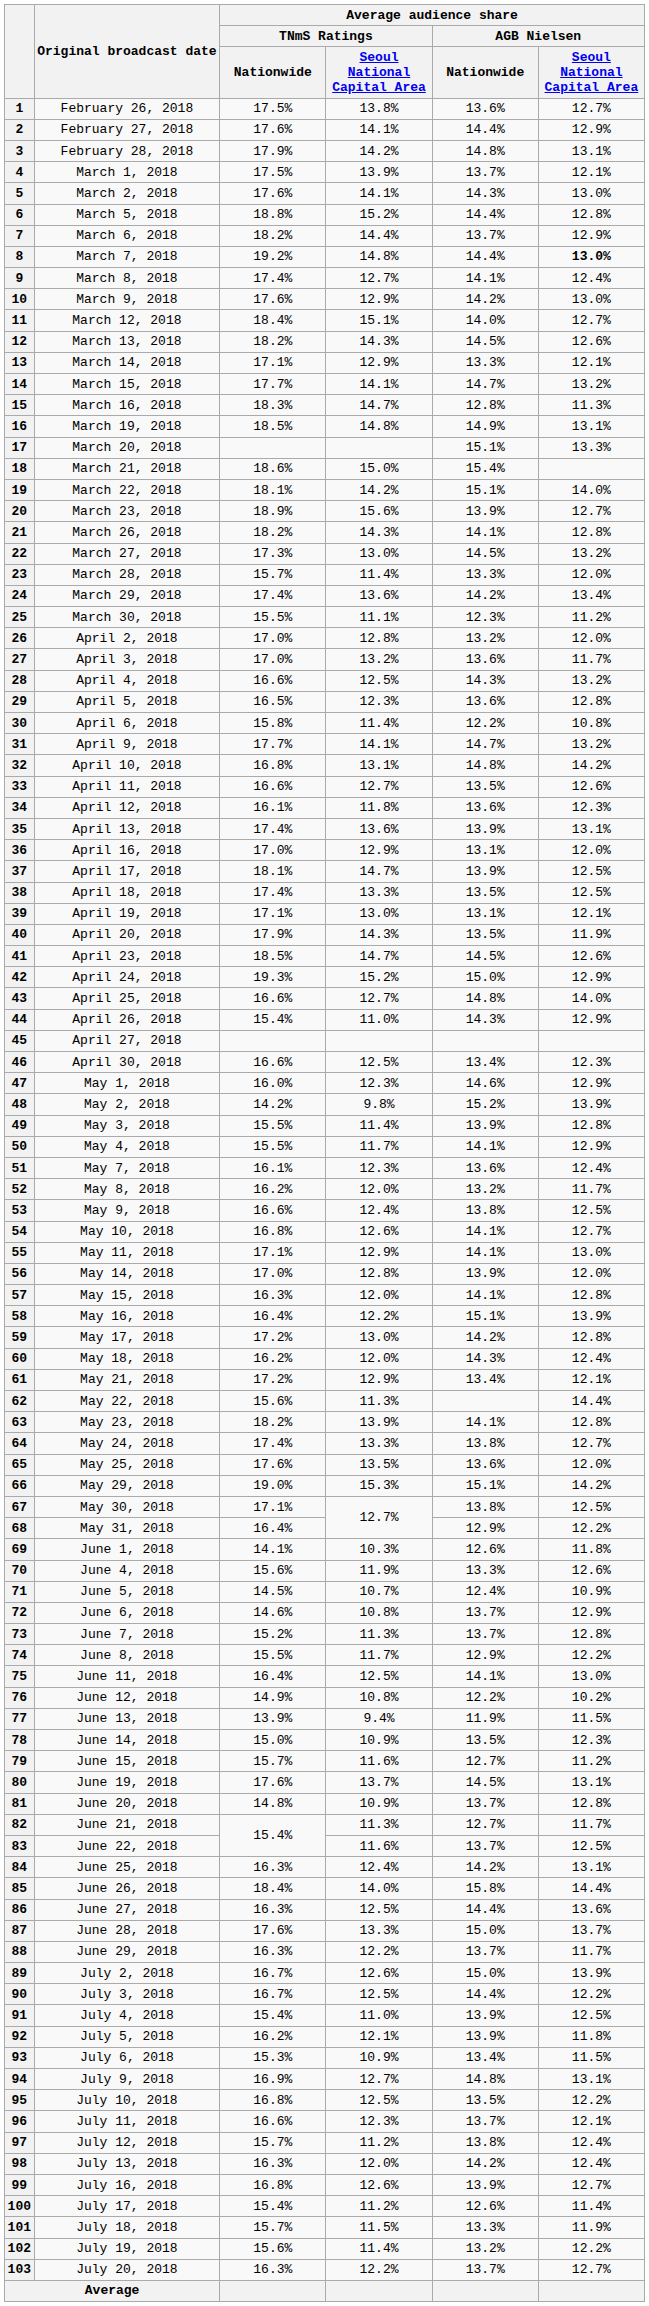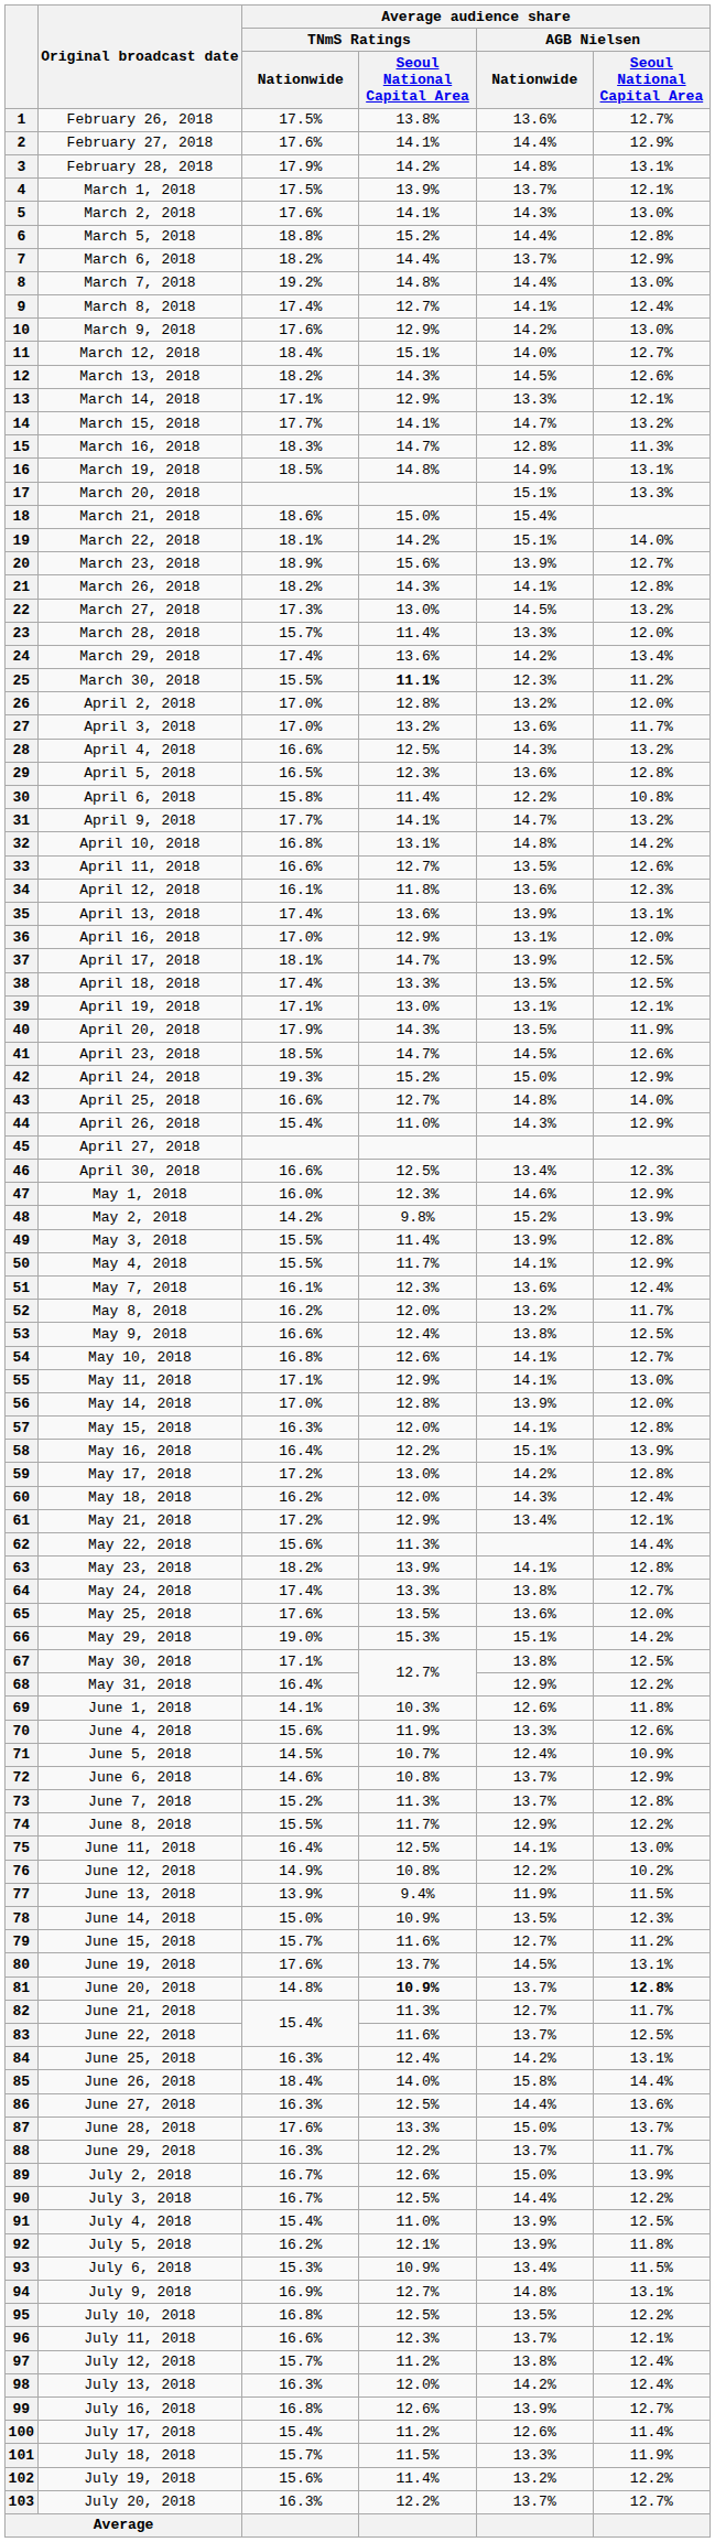 <table class="wikitable" style="text-align:center">
 <tr>
 <th rowspan="3"></th>
 <th rowspan="3">Original broadcast date</th>
 <th colspan="4">Average audience share</th>
 </tr>
 <tr>
 <th colspan="2">TNmS Ratings</th>
 <th colspan="2">AGB Nielsen</th>
 </tr>
 <tr>
 <th width=100>Nationwide</th>
 <th width=100><a href='#'>Seoul National Capital Area</a></th>
 <th width=100>Nationwide</th>
 <th width=100><a href='#'>Seoul National Capital Area</a></th>
 </tr>
 <tr>
 <th>1</th>
 <td>February 26, 2018</td>
 <td>17.5% </td>
 <td>13.8%</td>
 <td>13.6% </td>
 <td>12.7% </td>
 </tr>
 <tr>
 <th>2</th>
 <td>February 27, 2018</td>
 <td>17.6% </td>
 <td>14.1%</td>
 <td>14.4% </td>
 <td>12.9% </td>
 </tr>
 <tr>
 <th>3</th>
 <td>February 28, 2018</td>
 <td>17.9% </td>
 <td>14.2%</td>
 <td>14.8% </td>
 <td>13.1% </td>
 </tr>
 <tr>
 <th>4</th>
 <td>March 1, 2018</td>
 <td>17.5% </td>
 <td>13.9%</td>
 <td>13.7% </td>
 <td>12.1% </td>
 </tr>
 <tr>
 <th>5</th>
 <td>March 2, 2018</td>
 <td>17.6% </td>
 <td>14.1%</td>
 <td>14.3% </td>
 <td>13.0% </td>
 </tr>
 <tr>
 <th>6</th>
 <td>March 5, 2018</td>
 <td>18.8% </td>
 <td>15.2%</td>
 <td>14.4% </td>
 <td>12.8% </td>
 </tr>
 <tr>
 <th>7</th>
 <td>March 6, 2018</td>
 <td>18.2% </td>
 <td>14.4%</td>
 <td>13.7% </td>
 <td>12.9% </td>
 </tr>
 <tr>
 <th>8</th>
 <td>March 7, 2018</td>
 <td>19.2% </td>
 <td>14.8%</td>
 <td>14.4% </td>
-<td><strong>13.0% </strong></td>
+<td>13.0% </td>
 </tr>
 <tr>
 <th>9</th>
 <td>March 8, 2018</td>
 <td>17.4% </td>
 <td>12.7%</td>
 <td>14.1% </td>
 <td>12.4% </td>
 </tr>
 <tr>
 <th>10</th>
 <td>March 9, 2018</td>
 <td>17.6% </td>
 <td>12.9%</td>
 <td>14.2% </td>
 <td>13.0% </td>
 </tr>
 <tr>
 <th>11</th>
 <td>March 12, 2018</td>
 <td>18.4% </td>
 <td>15.1%</td>
 <td>14.0% </td>
 <td>12.7% </td>
 </tr>
 <tr>
 <th>12</th>
 <td>March 13, 2018</td>
 <td>18.2% </td>
 <td>14.3%</td>
 <td>14.5% </td>
 <td>12.6% </td>
 </tr>
 <tr>
 <th>13</th>
 <td>March 14, 2018</td>
 <td>17.1% </td>
 <td>12.9%</td>
 <td>13.3% </td>
 <td>12.1% </td>
 </tr>
 <tr>
 <th>14</th>
 <td>March 15, 2018</td>
 <td>17.7% </td>
 <td>14.1%</td>
 <td>14.7% </td>
 <td>13.2% </td>
 </tr>
 <tr>
 <th>15</th>
 <td>March 16, 2018</td>
 <td>18.3% </td>
 <td>14.7%</td>
 <td>12.8% </td>
 <td>11.3% </td>
 </tr>
 <tr>
 <th>16</th>
 <td>March 19, 2018</td>
 <td>18.5% </td>
 <td>14.8%</td>
 <td>14.9% </td>
 <td>13.1% </td>
 </tr>
 <tr>
 <th>17</th>
 <td>March 20, 2018</td>
 <td> </td>
 <td></td>
 <td>15.1% </td>
 <td>13.3% </td>
 </tr>
 <tr>
 <th>18</th>
 <td>March 21, 2018</td>
 <td>18.6% </td>
 <td>15.0%</td>
 <td>15.4% </td>
 <td> </td>
 </tr>
 <tr>
 <th>19</th>
 <td>March 22, 2018</td>
 <td>18.1% </td>
 <td>14.2%</td>
 <td>15.1% </td>
 <td>14.0% </td>
 </tr>
 <tr>
 <th>20</th>
 <td>March 23, 2018</td>
 <td>18.9% </td>
 <td>15.6%</td>
 <td>13.9% </td>
 <td>12.7% </td>
 </tr>
 <tr>
 <th>21</th>
 <td>March 26, 2018</td>
 <td>18.2% </td>
 <td>14.3%</td>
 <td>14.1% </td>
 <td>12.8% </td>
 </tr>
 <tr>
 <th>22</th>
 <td>March 27, 2018</td>
 <td>17.3% </td>
 <td>13.0%</td>
 <td>14.5% </td>
 <td>13.2% </td>
 </tr>
 <tr>
 <th>23</th>
 <td>March 28, 2018</td>
 <td>15.7% </td>
 <td>11.4%</td>
 <td>13.3% </td>
 <td>12.0% </td>
 </tr>
 <tr>
 <th>24</th>
 <td>March 29, 2018</td>
 <td>17.4% </td>
 <td>13.6%</td>
 <td>14.2% </td>
 <td>13.4% </td>
 </tr>
 <tr>
 <th>25</th>
 <td>March 30, 2018</td>
 <td>15.5% </td>
-<td>11.1%</td>
+<td><strong>11.1%</strong></td>
 <td>12.3% </td>
 <td>11.2% </td>
 </tr>
 <tr>
 <th>26</th>
 <td>April 2, 2018</td>
 <td>17.0% </td>
 <td>12.8%</td>
 <td>13.2% </td>
 <td>12.0% </td>
 </tr>
 <tr>
 <th>27</th>
 <td>April 3, 2018</td>
 <td>17.0% </td>
 <td>13.2%</td>
 <td>13.6% </td>
 <td>11.7% </td>
 </tr>
 <tr>
 <th>28</th>
 <td>April 4, 2018</td>
 <td>16.6% </td>
 <td>12.5%</td>
 <td>14.3% </td>
 <td>13.2% </td>
 </tr>
 <tr>
 <th>29</th>
 <td>April 5, 2018</td>
 <td>16.5% </td>
 <td>12.3%</td>
 <td>13.6% </td>
 <td>12.8% </td>
 </tr>
 <tr>
 <th>30</th>
 <td>April 6, 2018</td>
 <td>15.8% </td>
 <td>11.4%</td>
 <td>12.2% </td>
 <td>10.8% </td>
 </tr>
 <tr>
 <th>31</th>
 <td>April 9, 2018</td>
 <td>17.7% </td>
 <td>14.1%</td>
 <td>14.7% </td>
 <td>13.2% </td>
 </tr>
 <tr>
 <th>32</th>
 <td>April 10, 2018</td>
 <td>16.8% </td>
 <td>13.1%</td>
 <td>14.8% </td>
 <td>14.2% </td>
 </tr>
 <tr>
 <th>33</th>
 <td>April 11, 2018</td>
 <td>16.6% </td>
 <td>12.7%</td>
 <td>13.5% </td>
 <td>12.6% </td>
 </tr>
 <tr>
 <th>34</th>
 <td>April 12, 2018</td>
 <td>16.1% </td>
 <td>11.8%</td>
 <td>13.6% </td>
 <td>12.3% </td>
 </tr>
 <tr>
 <th>35</th>
 <td>April 13, 2018</td>
 <td>17.4% </td>
 <td>13.6%</td>
 <td>13.9% </td>
 <td>13.1% </td>
 </tr>
 <tr>
 <th>36</th>
 <td>April 16, 2018</td>
 <td>17.0% </td>
 <td>12.9%</td>
 <td>13.1% </td>
 <td>12.0% </td>
 </tr>
 <tr>
 <th>37</th>
 <td>April 17, 2018</td>
 <td>18.1% </td>
 <td>14.7%</td>
 <td>13.9% </td>
 <td>12.5% </td>
 </tr>
 <tr>
 <th>38</th>
 <td>April 18, 2018</td>
 <td>17.4% </td>
 <td>13.3%</td>
 <td>13.5% </td>
 <td>12.5% </td>
 </tr>
 <tr>
 <th>39</th>
 <td>April 19, 2018</td>
 <td>17.1% </td>
 <td>13.0%</td>
 <td>13.1% </td>
 <td>12.1% </td>
 </tr>
 <tr>
 <th>40</th>
 <td>April 20, 2018</td>
 <td>17.9% </td>
 <td>14.3%</td>
 <td>13.5% </td>
 <td>11.9% </td>
 </tr>
 <tr>
 <th>41</th>
 <td>April 23, 2018</td>
 <td>18.5% </td>
 <td>14.7%</td>
 <td>14.5% </td>
 <td>12.6% </td>
 </tr>
 <tr>
 <th>42</th>
 <td>April 24, 2018</td>
 <td>19.3% </td>
 <td>15.2%</td>
 <td>15.0% </td>
 <td>12.9% </td>
 </tr>
 <tr>
 <th>43</th>
 <td>April 25, 2018</td>
 <td>16.6% </td>
 <td>12.7%</td>
 <td>14.8% </td>
 <td>14.0% </td>
 </tr>
 <tr>
 <th>44</th>
 <td>April 26, 2018</td>
 <td>15.4% </td>
 <td>11.0%</td>
 <td>14.3% </td>
 <td>12.9% </td>
 </tr>
 <tr>
 <th>45</th>
 <td>April 27, 2018</td>
 <td> </td>
 <td></td>
 <td> </td>
 <td> </td>
 </tr>
 <tr>
 <th>46</th>
 <td>April 30, 2018</td>
 <td>16.6% </td>
 <td>12.5%</td>
 <td>13.4% </td>
 <td>12.3% </td>
 </tr>
 <tr>
 <th>47</th>
 <td>May 1, 2018</td>
 <td>16.0% </td>
 <td>12.3%</td>
 <td>14.6% </td>
 <td>12.9% </td>
 </tr>
 <tr>
 <th>48</th>
 <td>May 2, 2018</td>
 <td>14.2% </td>
 <td>9.8%</td>
 <td>15.2% </td>
 <td>13.9% </td>
 </tr>
 <tr>
 <th>49</th>
 <td>May 3, 2018</td>
 <td>15.5% </td>
 <td>11.4%</td>
 <td>13.9% </td>
 <td>12.8% </td>
 </tr>
 <tr>
 <th>50</th>
 <td>May 4, 2018</td>
 <td>15.5% </td>
 <td>11.7%</td>
 <td>14.1% </td>
 <td>12.9% </td>
 </tr>
 <tr>
 <th>51</th>
 <td>May 7, 2018</td>
 <td>16.1% </td>
 <td>12.3%</td>
 <td>13.6% </td>
 <td>12.4% </td>
 </tr>
 <tr>
 <th>52</th>
 <td>May 8, 2018</td>
 <td>16.2% </td>
 <td>12.0%</td>
 <td>13.2% </td>
 <td>11.7% </td>
 </tr>
 <tr>
 <th>53</th>
 <td>May 9, 2018</td>
 <td>16.6% </td>
 <td>12.4%</td>
 <td>13.8% </td>
 <td>12.5% </td>
 </tr>
 <tr>
 <th>54</th>
 <td>May 10, 2018</td>
 <td>16.8% </td>
 <td>12.6%</td>
 <td>14.1% </td>
 <td>12.7% </td>
 </tr>
 <tr>
 <th>55</th>
 <td>May 11, 2018</td>
 <td>17.1% </td>
 <td>12.9%</td>
 <td>14.1% </td>
 <td>13.0% </td>
 </tr>
 <tr>
 <th>56</th>
 <td>May 14, 2018</td>
 <td>17.0% </td>
 <td>12.8%</td>
 <td>13.9% </td>
 <td>12.0% </td>
 </tr>
 <tr>
 <th>57</th>
 <td>May 15, 2018</td>
 <td>16.3% </td>
 <td>12.0%</td>
 <td>14.1% </td>
 <td>12.8% </td>
 </tr>
 <tr>
 <th>58</th>
 <td>May 16, 2018</td>
 <td>16.4% </td>
 <td>12.2%</td>
 <td>15.1% </td>
 <td>13.9% </td>
 </tr>
 <tr>
 <th>59</th>
 <td>May 17, 2018</td>
 <td>17.2% </td>
 <td>13.0%</td>
 <td>14.2% </td>
 <td>12.8% </td>
 </tr>
 <tr>
 <th>60</th>
 <td>May 18, 2018</td>
 <td>16.2% </td>
 <td>12.0%</td>
 <td>14.3% </td>
 <td>12.4% </td>
 </tr>
 <tr>
 <th>61</th>
 <td>May 21, 2018</td>
 <td>17.2% </td>
 <td>12.9%</td>
 <td>13.4% </td>
 <td>12.1% </td>
 </tr>
 <tr>
 <th>62</th>
 <td>May 22, 2018</td>
 <td>15.6% </td>
 <td>11.3%</td>
 <td> </td>
 <td>14.4% </td>
 </tr>
 <tr>
 <th>63</th>
 <td>May 23, 2018</td>
 <td>18.2% </td>
 <td>13.9%</td>
 <td>14.1% </td>
 <td>12.8% </td>
 </tr>
 <tr>
 <th>64</th>
 <td>May 24, 2018</td>
 <td>17.4% </td>
 <td>13.3%</td>
 <td>13.8% </td>
 <td>12.7% </td>
 </tr>
 <tr>
 <th>65</th>
 <td>May 25, 2018</td>
 <td>17.6% </td>
 <td>13.5%</td>
 <td>13.6% </td>
 <td>12.0% </td>
 </tr>
 <tr>
 <th>66</th>
 <td>May 29, 2018</td>
 <td>19.0% </td>
 <td>15.3%</td>
 <td>15.1% </td>
 <td>14.2% </td>
 </tr>
 <tr>
 <th>67</th>
 <td>May 30, 2018</td>
 <td>17.1% </td>
 <td rowspan="2">12.7%</td>
 <td>13.8% </td>
 <td>12.5% </td>
 </tr>
 <tr>
 <th>68</th>
 <td>May 31, 2018</td>
 <td>16.4% </td>
 <td>12.9% </td>
 <td>12.2% </td>
 </tr>
 <tr>
 <th>69</th>
 <td>June 1, 2018</td>
 <td>14.1%</td>
 <td>10.3%</td>
 <td>12.6% </td>
 <td>11.8% </td>
 </tr>
 <tr>
 <th>70</th>
 <td>June 4, 2018</td>
 <td>15.6%</td>
 <td>11.9%</td>
 <td>13.3% </td>
 <td>12.6% </td>
 </tr>
 <tr>
 <th>71</th>
 <td>June 5, 2018</td>
 <td>14.5%</td>
 <td>10.7%</td>
 <td>12.4% </td>
 <td>10.9% </td>
 </tr>
 <tr>
 <th>72</th>
 <td>June 6, 2018</td>
 <td>14.6%</td>
 <td>10.8%</td>
 <td>13.7% </td>
 <td>12.9% </td>
 </tr>
 <tr>
 <th>73</th>
 <td>June 7, 2018</td>
 <td>15.2%</td>
 <td>11.3%</td>
 <td>13.7% </td>
 <td>12.8% </td>
 </tr>
 <tr>
 <th>74</th>
 <td>June 8, 2018</td>
 <td>15.5%</td>
 <td>11.7%</td>
 <td>12.9% </td>
 <td>12.2% </td>
 </tr>
 <tr>
 <th>75</th>
 <td>June 11, 2018</td>
 <td>16.4%</td>
 <td>12.5%</td>
 <td>14.1% </td>
 <td>13.0% </td>
 </tr>
 <tr>
 <th>76</th>
 <td>June 12, 2018</td>
 <td>14.9%</td>
 <td>10.8%</td>
 <td>12.2% </td>
 <td>10.2% </td>
 </tr>
 <tr>
 <th>77</th>
 <td>June 13, 2018</td>
 <td>13.9%</td>
 <td>9.4%</td>
 <td>11.9% </td>
 <td>11.5% </td>
 </tr>
 <tr>
 <th>78</th>
 <td>June 14, 2018</td>
 <td>15.0%</td>
 <td>10.9%</td>
 <td>13.5% </td>
 <td>12.3% </td>
 </tr>
 <tr>
 <th>79</th>
 <td>June 15, 2018</td>
 <td>15.7%</td>
 <td>11.6%</td>
 <td>12.7% </td>
 <td>11.2% </td>
 </tr>
 <tr>
 <th>80</th>
 <td>June 19, 2018</td>
 <td>17.6%</td>
 <td>13.7%</td>
 <td>14.5% </td>
 <td>13.1% </td>
 </tr>
 <tr>
 <th>81</th>
 <td>June 20, 2018</td>
 <td>14.8%</td>
-<td>10.9%</td>
+<td><strong>10.9%</strong></td>
 <td>13.7% </td>
-<td>12.8% </td>
+<td><strong>12.8% </strong></td>
 </tr>
 <tr>
 <th>82</th>
 <td>June 21, 2018</td>
 <td rowspan="2">15.4%</td>
 <td>11.3%</td>
 <td>12.7% </td>
 <td>11.7% </td>
 </tr>
 <tr>
 <th>83</th>
 <td>June 22, 2018</td>
 <td>11.6%</td>
 <td>13.7% </td>
 <td>12.5% </td>
 </tr>
 <tr>
 <th>84</th>
 <td>June 25, 2018</td>
 <td>16.3%</td>
 <td>12.4%</td>
 <td>14.2% </td>
 <td>13.1% </td>
 </tr>
 <tr>
 <th>85</th>
 <td>June 26, 2018</td>
 <td>18.4%</td>
 <td>14.0%</td>
 <td>15.8% </td>
 <td>14.4% </td>
 </tr>
 <tr>
 <th>86</th>
 <td>June 27, 2018</td>
 <td>16.3%</td>
 <td>12.5%</td>
 <td>14.4% </td>
 <td>13.6% </td>
 </tr>
 <tr>
 <th>87</th>
 <td>June 28, 2018</td>
 <td>17.6%</td>
 <td>13.3%</td>
 <td>15.0% </td>
 <td>13.7% </td>
 </tr>
 <tr>
 <th>88</th>
 <td>June 29, 2018</td>
 <td>16.3%</td>
 <td>12.2%</td>
 <td>13.7% </td>
 <td>11.7% </td>
 </tr>
 <tr>
 <th>89</th>
 <td>July 2, 2018</td>
 <td>16.7%</td>
 <td>12.6%</td>
 <td>15.0% </td>
 <td>13.9% </td>
 </tr>
 <tr>
 <th>90</th>
 <td>July 3, 2018</td>
 <td>16.7%</td>
 <td>12.5%</td>
 <td>14.4% </td>
 <td>12.2% </td>
 </tr>
 <tr>
 <th>91</th>
 <td>July 4, 2018</td>
 <td>15.4%</td>
 <td>11.0%</td>
 <td>13.9% </td>
 <td>12.5% </td>
 </tr>
 <tr>
 <th>92</th>
 <td>July 5, 2018</td>
 <td>16.2%</td>
 <td>12.1%</td>
 <td>13.9% </td>
 <td>11.8% </td>
 </tr>
 <tr>
 <th>93</th>
 <td>July 6, 2018</td>
 <td>15.3%</td>
 <td>10.9%</td>
 <td>13.4% </td>
 <td>11.5% </td>
 </tr>
 <tr>
 <th>94</th>
 <td>July 9, 2018</td>
 <td>16.9%</td>
 <td>12.7%</td>
 <td>14.8% </td>
 <td>13.1% </td>
 </tr>
 <tr>
 <th>95</th>
 <td>July 10, 2018</td>
 <td>16.8%</td>
 <td>12.5%</td>
 <td>13.5% </td>
 <td>12.2% </td>
 </tr>
 <tr>
 <th>96</th>
 <td>July 11, 2018</td>
 <td>16.6%</td>
 <td>12.3%</td>
 <td>13.7% </td>
 <td>12.1% </td>
 </tr>
 <tr>
 <th>97</th>
 <td>July 12, 2018</td>
 <td>15.7%</td>
 <td>11.2%</td>
 <td>13.8% </td>
 <td>12.4% </td>
 </tr>
 <tr>
 <th>98</th>
 <td>July 13, 2018</td>
 <td>16.3%</td>
 <td>12.0%</td>
 <td>14.2% </td>
 <td>12.4% </td>
 </tr>
 <tr>
 <th>99</th>
 <td>July 16, 2018</td>
 <td>16.8%</td>
 <td>12.6%</td>
 <td>13.9% </td>
 <td>12.7% </td>
 </tr>
 <tr>
 <th>100</th>
 <td>July 17, 2018</td>
 <td>15.4%</td>
 <td>11.2%</td>
 <td>12.6% </td>
 <td>11.4% </td>
 </tr>
 <tr>
 <th>101</th>
 <td>July 18, 2018</td>
 <td>15.7%</td>
 <td>11.5%</td>
 <td>13.3% </td>
 <td>11.9% </td>
 </tr>
 <tr>
 <th>102</th>
 <td>July 19, 2018</td>
 <td>15.6%</td>
 <td>11.4%</td>
 <td>13.2% </td>
 <td>12.2% </td>
 </tr>
 <tr>
 <th>103</th>
 <td>July 20, 2018</td>
 <td>16.3%</td>
 <td>12.2%</td>
 <td>13.7% </td>
 <td>12.7% </td>
 </tr>
 <tr>
 <th colspan="2">Average</th>
 <th></th>
 <th></th>
 <th></th>
 <th></th>
 </tr>
 </table>
